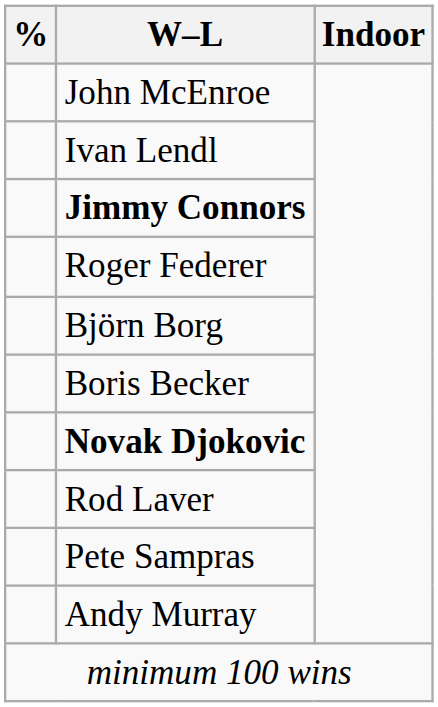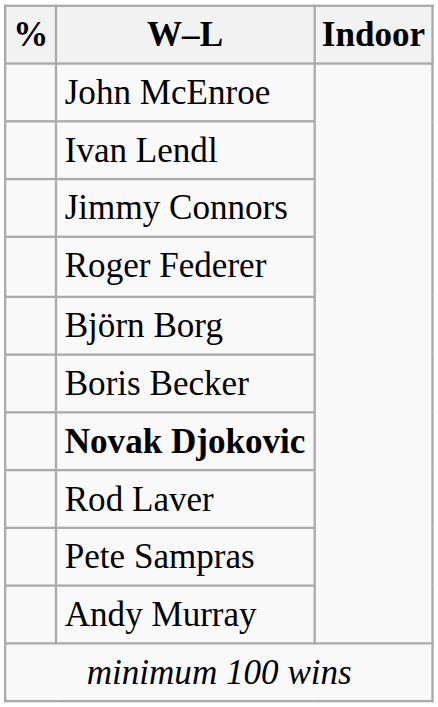 <table class="wikitable" style="display:inline-table; font-size: 95%;">
 <tr>
 <th>%</th>
 <th>W–L</th>
 <th>Indoor</th>
 </tr>
 <tr>
 <td></td>
 <td> John McEnroe</td>
 </tr>
 <tr>
 <td></td>
 <td> Ivan Lendl</td>
 </tr>
 <tr>
 <td></td>
-<td><strong> Jimmy Connors</strong></td>
+<td> Jimmy Connors</td>
 </tr>
 <tr>
 <td></td>
 <td> Roger Federer</td>
 </tr>
 <tr>
 <td></td>
 <td> Björn Borg</td>
 </tr>
 <tr>
 <td></td>
 <td> Boris Becker</td>
 </tr>
 <tr>
 <td></td>
 <td> <strong>Novak Djokovic</strong></td>
 </tr>
 <tr>
 <td></td>
 <td> Rod Laver</td>
 </tr>
 <tr>
 <td></td>
 <td> Pete Sampras</td>
 </tr>
 <tr>
 <td></td>
 <td> Andy Murray</td>
 </tr>
 <tr>
 <td colspan="3" style="text-align: center;"><em>minimum 100 wins</em></td>
 </tr>
 </table>
